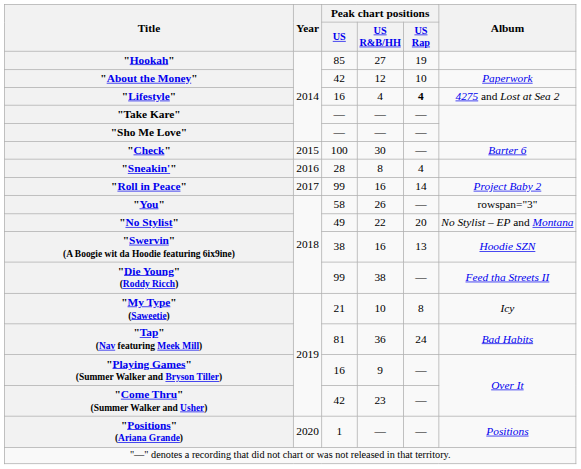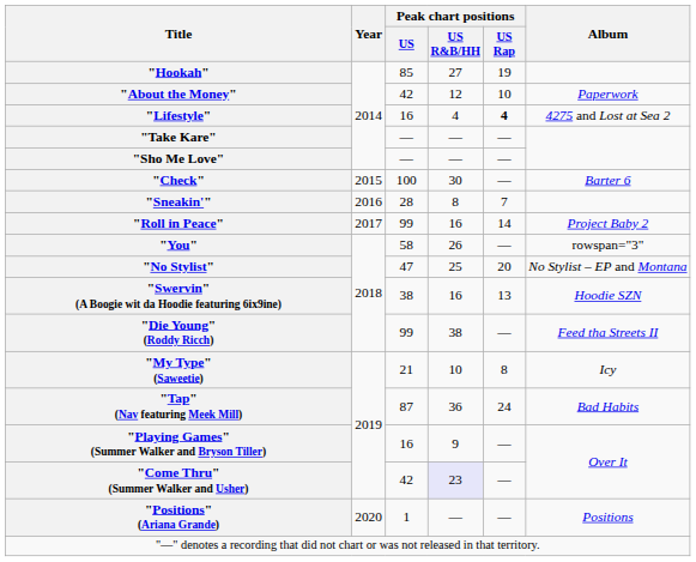 <table class="wikitable plainrowheaders" style="text-align:center;">
 <tr>
 <th style="width:25em;" rowspan="2" scope="col">Title</th>
 <th rowspan="2" scope="col">Year</th>
 <th scope="col" colspan="3">Peak chart positions</th>
 <th scope="col" rowspan="2">Album</th>
 </tr>
 <tr>
 <th scope="col" style="width:3em;font-size:90%;"><a href='#'>US</a></th>
 <th scope="col" style="width:3em;font-size:90%;"><a href='#'>US R&B/HH</a></th>
 <th scope="col" style="width:3em;font-size:90%;"><a href='#'>US Rap</a></th>
 </tr>
 <tr>
 <th scope="row">"<a href='#'>Hookah</a>"<br></th>
 <td rowspan="5">2014</td>
 <td>85</td>
 <td>27</td>
 <td>19</td>
 <td></td>
 </tr>
 <tr>
 <th scope="row">"<a href='#'>About the Money</a>"<br></th>
 <td>42</td>
 <td>12</td>
 <td>10</td>
 <td><em><a href='#'>Paperwork</a></em></td>
 </tr>
 <tr>
 <th scope="row">"<a href='#'>Lifestyle</a>"<br></th>
 <td>16</td>
 <td>4</td>
 <td><strong>4</strong></td>
 <td><em><a href='#'>4275</a></em> and <em>Lost at Sea 2</em></td>
 </tr>
 <tr>
 <th scope="row">"Take Kare"<br></th>
 <td>—</td>
 <td>—</td>
 <td>—</td>
 </tr>
 <tr>
 <th scope="row">"Sho Me Love"<br></th>
 <td>—</td>
 <td>—</td>
 <td>—</td>
 </tr>
 <tr>
 <th scope="row">"<a href='#'>Check</a>"<br></th>
 <td>2015</td>
 <td>100</td>
 <td>30</td>
 <td>—</td>
 <td><em><a href='#'>Barter 6</a></em></td>
 </tr>
 <tr>
 <th scope="row">"<a href='#'>Sneakin'</a>"<br></th>
 <td>2016</td>
 <td>28</td>
 <td>8</td>
-<td>4</td>
+<td>7</td>
 <td></td>
 </tr>
 <tr>
 <th scope="row">"<a href='#'>Roll in Peace</a>"<br></th>
 <td>2017</td>
 <td>99</td>
 <td>16</td>
 <td>14</td>
 <td><em><a href='#'>Project Baby 2</a></em></td>
 </tr>
 <tr>
 <th scope="row">"<a href='#'>You</a>"<br></th>
 <td rowspan="4">2018</td>
 <td>58</td>
 <td>26</td>
 <td>—</td>
 <td>rowspan="3" </td>
 </tr>
 <tr>
 <th scope="row">"<a href='#'>No Stylist</a>"<br></th>
-<td>49</td>
-<td>22</td>
+<td>47</td>
+<td>25</td>
 <td>20</td>
 <td><em>No Stylist – EP</em> and <em><a href='#'>Montana</a></em></td>
 </tr>
 <tr>
 <th scope="row">"<a href='#'>Swervin</a>"<br><small>(A Boogie wit da Hoodie featuring 6ix9ine)</small></th>
 <td>38</td>
 <td>16</td>
 <td>13</td>
 <td><em><a href='#'>Hoodie SZN</a></em></td>
 </tr>
 <tr>
 <th scope="row">"<a href='#'>Die Young</a>"<br><small>(<a href='#'>Roddy Ricch</a>)</small></th>
 <td>99</td>
 <td>38</td>
 <td>—</td>
 <td><em><a href='#'>Feed tha Streets II</a></em></td>
 </tr>
 <tr>
 <th scope="row">"<a href='#'>My Type</a>"<br><small>(<a href='#'>Saweetie</a>)</small></th>
 <td rowspan="4">2019</td>
 <td>21</td>
 <td>10</td>
 <td>8</td>
 <td><em>Icy</em></td>
 </tr>
 <tr>
 <th scope="row">"<a href='#'>Tap</a>"<br><small>(<a href='#'>Nav</a> featuring <a href='#'>Meek Mill</a>)</small></th>
-<td>81</td>
+<td>87</td>
 <td>36</td>
 <td>24</td>
 <td><em><a href='#'>Bad Habits</a></em></td>
 </tr>
 <tr>
 <th scope="row">"<a href='#'>Playing Games</a>" <br><small>(Summer Walker and <a href='#'>Bryson Tiller</a>)</small></th>
 <td>16</td>
 <td>9</td>
 <td>—</td>
 <td rowspan="2"><em><a href='#'>Over It</a></em></td>
 </tr>
 <tr>
 <th scope="row">"<a href='#'>Come Thru</a>" <br><small>(Summer Walker and <a href='#'>Usher</a>)</small></th>
 <td>42</td>
-<td>23</td>
+<td style="background: lavender;">23</td>
 <td>—</td>
 </tr>
 <tr>
 <th scope="row">"<a href='#'>Positions</a>" <br><small>(<a href='#'>Ariana Grande</a>)</small></th>
 <td>2020</td>
 <td>1</td>
 <td>—</td>
 <td>—</td>
 <td><em><a href='#'>Positions</a></em></td>
 </tr>
 <tr>
 <td style="font-size:90%" colspan="13">"—" denotes a recording that did not chart or was not released in that territory.</td>
 </tr>
 </table>
